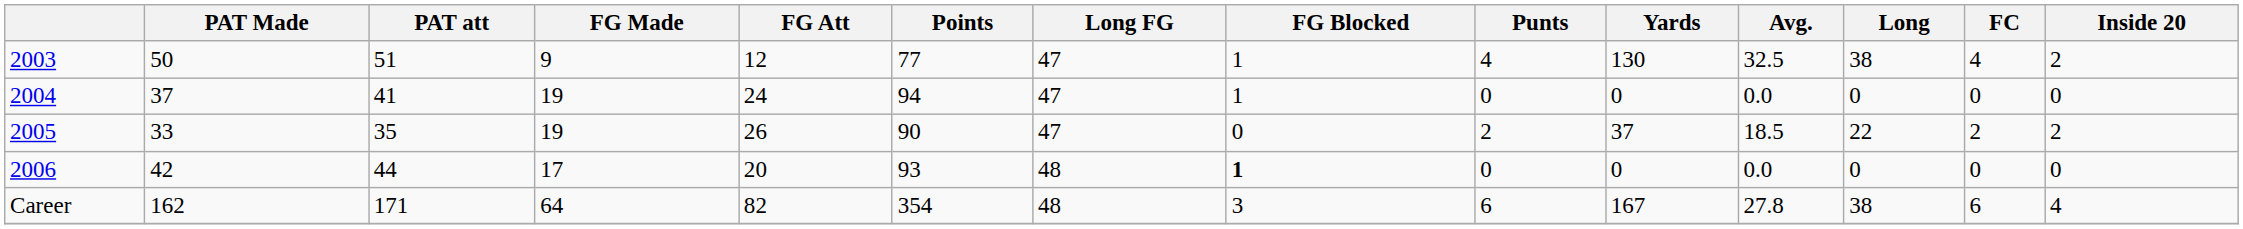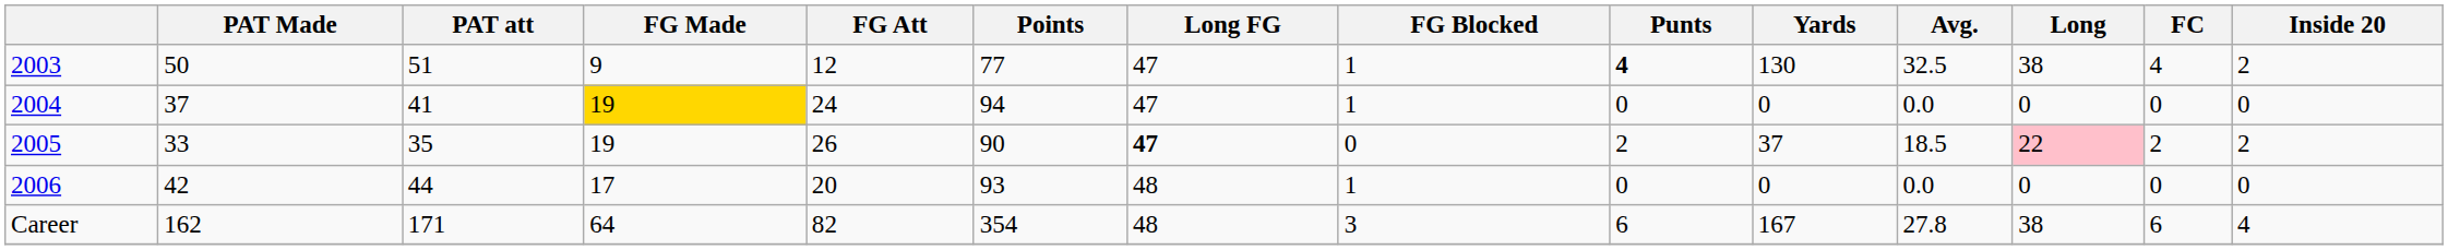 <table class="wikitable sortable" style="width:98%;">
 <tr>
 <th></th>
 <th>PAT Made</th>
 <th>PAT att</th>
 <th>FG Made</th>
 <th>FG Att</th>
 <th>Points</th>
 <th>Long FG</th>
 <th>FG Blocked</th>
 <th>Punts</th>
 <th>Yards</th>
 <th>Avg.</th>
 <th>Long</th>
 <th>FC</th>
 <th>Inside 20</th>
 </tr>
 <tr>
 <td><a href='#'>2003</a></td>
 <td>50</td>
 <td>51</td>
 <td>9</td>
 <td>12</td>
 <td>77</td>
 <td>47</td>
 <td>1</td>
-<td>4</td>
+<td><strong>4</strong></td>
 <td>130</td>
 <td>32.5</td>
 <td>38</td>
 <td>4</td>
 <td>2</td>
 </tr>
 <tr>
 <td><a href='#'>2004</a></td>
 <td>37</td>
 <td>41</td>
-<td>19</td>
+<td style="background: gold;">19</td>
 <td>24</td>
 <td>94</td>
 <td>47</td>
 <td>1</td>
 <td>0</td>
 <td>0</td>
 <td>0.0</td>
 <td>0</td>
 <td>0</td>
 <td>0</td>
 </tr>
 <tr>
 <td><a href='#'>2005</a></td>
 <td>33</td>
 <td>35</td>
 <td>19</td>
 <td>26</td>
 <td>90</td>
-<td>47</td>
+<td><strong>47</strong></td>
 <td>0</td>
 <td>2</td>
 <td>37</td>
 <td>18.5</td>
-<td>22</td>
+<td style="background: pink;">22</td>
 <td>2</td>
 <td>2</td>
 </tr>
 <tr>
 <td><a href='#'>2006</a></td>
 <td>42</td>
 <td>44</td>
 <td>17</td>
 <td>20</td>
 <td>93</td>
 <td>48</td>
-<td><strong>1</strong></td>
+<td>1</td>
 <td>0</td>
 <td>0</td>
 <td>0.0</td>
 <td>0</td>
 <td>0</td>
 <td>0</td>
 </tr>
 <tr>
 <td>Career</td>
 <td>162</td>
 <td>171</td>
 <td>64</td>
 <td>82</td>
 <td>354</td>
 <td>48</td>
 <td>3</td>
 <td>6</td>
 <td>167</td>
 <td>27.8</td>
 <td>38</td>
 <td>6</td>
 <td>4</td>
 </tr>
 <tr>
 </tr>
 </table>
